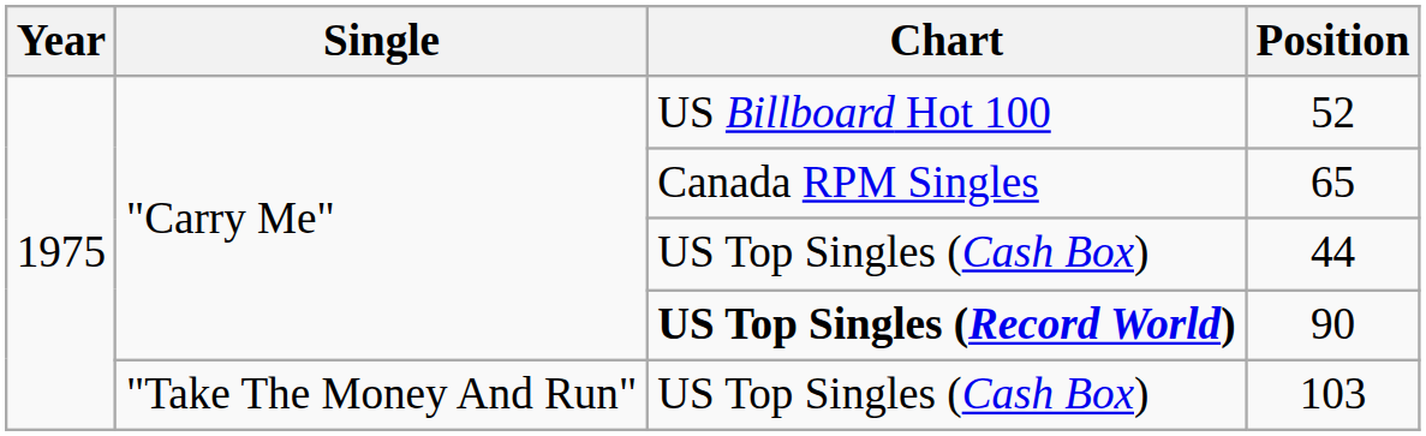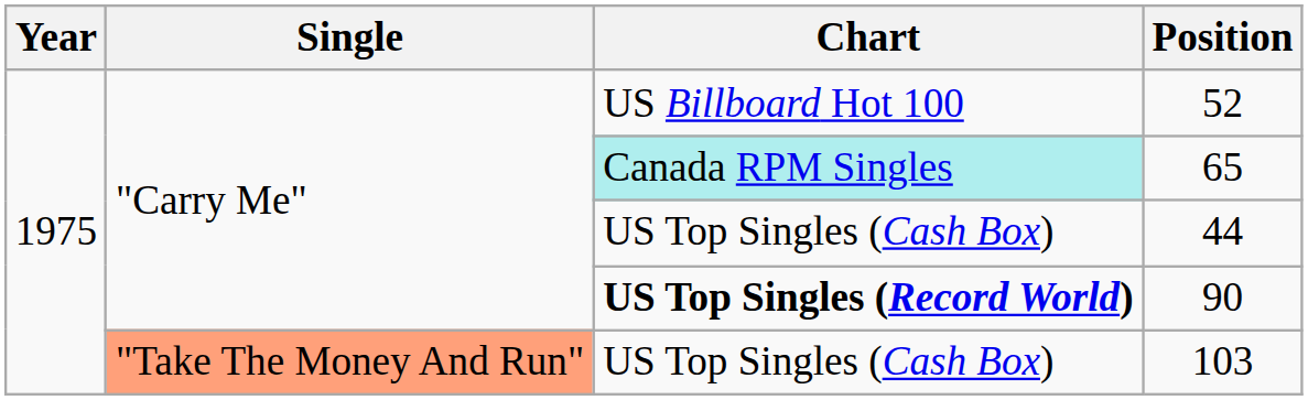 <table class="wikitable">
 <tr>
 <th>Year</th>
 <th>Single</th>
 <th>Chart</th>
 <th>Position</th>
 </tr>
 <tr>
 <td rowspan="5">1975</td>
 <td rowspan="4">"Carry Me"</td>
 <td>US <a href='#'><em>Billboard</em> Hot 100</a></td>
 <td align="center">52</td>
 </tr>
 <tr>
-<td>Canada <a href='#'>RPM Singles</a></td>
+<td style="background: paleturquoise;">Canada <a href='#'>RPM Singles</a></td>
 <td align="center">65</td>
 </tr>
 <tr>
 <td>US Top Singles (<em><a href='#'>Cash Box</a></em>)</td>
 <td align="center">44</td>
 </tr>
 <tr>
 <td><strong>US Top Singles (<em><a href='#'>Record World</a></em>) </strong></td>
 <td align="center">90</td>
 </tr>
 <tr>
-<td>"Take The Money And Run"</td>
+<td style="background: lightsalmon;">"Take The Money And Run"</td>
 <td>US Top Singles (<em><a href='#'>Cash Box</a></em>)</td>
 <td align="center">103</td>
 </tr>
 </table>
